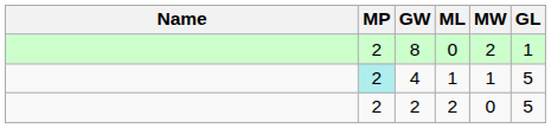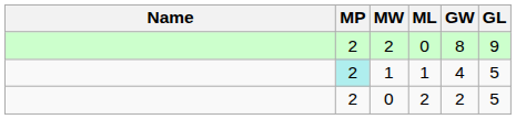 <table class=wikitable style="text-align:center">
 <tr>
 <th width=300>Name</th>
 <th width=20>MP</th>
+<th width=20>MW</th>
+<th width=20>ML</th>
 <th width=20>GW</th>
-<th width=20>ML</th>
-<th width=20>MW</th>
 <th width=20>GL</th>
 </tr>
 <tr style="background-color:#ccffcc;">
 <td style="text-align:left;"><strong></strong></td>
 <td>2</td>
+<td>2</td>
+<td>0</td>
 <td>8</td>
-<td>0</td>
-<td>2</td>
-<td>1</td>
+<td>9</td>
 </tr>
 <tr>
 <td style="text-align:left;"></td>
 <td style="background: paleturquoise;">2</td>
-<td>4</td>
 <td>1</td>
 <td>1</td>
+<td>4</td>
 <td>5</td>
 </tr>
 <tr>
 <td style="text-align:left;"></td>
 <td>2</td>
+<td>0</td>
 <td>2</td>
 <td>2</td>
-<td>0</td>
 <td>5</td>
 </tr>
 </table>
